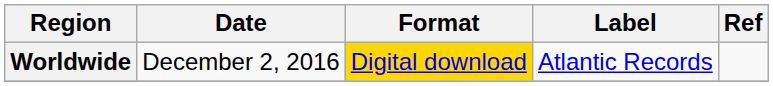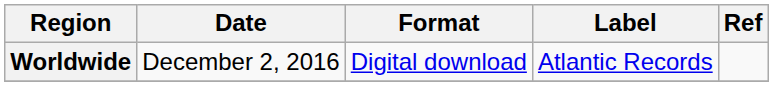 <table class="wikitable plainrowheaders">
 <tr>
 <th scope="col">Region</th>
 <th scope="col">Date</th>
 <th scope="col">Format</th>
 <th scope="col">Label</th>
 <th scope="col">Ref</th>
 </tr>
 <tr>
 <th scope="row" rowspan="1">Worldwide</th>
 <td>December 2, 2016</td>
-<td style="background: gold;"><a href='#'>Digital download</a></td>
+<td><a href='#'>Digital download</a></td>
 <td><a href='#'>Atlantic Records</a></td>
 <td style="text-align:center;"></td>
 </tr>
 <tr>
 </tr>
 </table>
